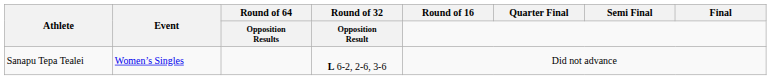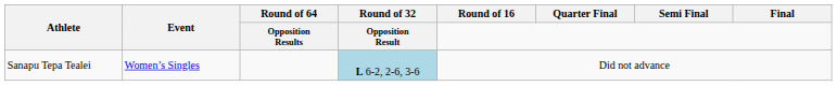 <table class=wikitable style="font-size:90%">
 <tr>
 <th rowspan="2" width=150>Athlete</th>
 <th rowspan="2" width=150>Event</th>
 <th width=125>Round of 64</th>
 <th width=125>Round of 32</th>
 <th width=125>Round of 16</th>
 <th width=125>Quarter Final</th>
 <th width=125>Semi Final</th>
 <th width=125>Final</th>
 </tr>
 <tr>
 <th style="line-height:1em"><small>Opposition<br>Results</small></th>
 <th style="line-height:1em"><small>Opposition<br>Result</small></th>
 </tr>
 <tr>
 <td>Sanapu Tepa Tealei</td>
 <td rowspan=4><a href='#'>Women’s Singles</a></td>
 <td></td>
-<td align=center><br><strong>L</strong> 6-2, 2-6, 3-6</td>
+<td align=center style="background: lightblue;"><br><strong>L</strong> 6-2, 2-6, 3-6</td>
 <td align=center colspan=5>Did not advance</td>
 </tr>
 </table>
